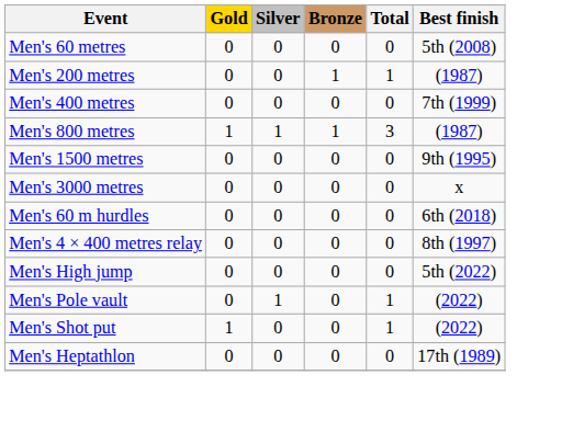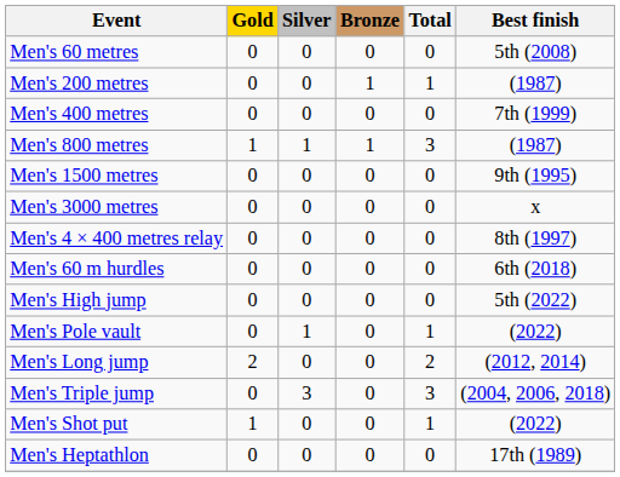 <table class="wikitable sortable" style="text-align:center">
 <tr>
 <th>Event</th>
 <th style="background-color:gold;">Gold</th>
 <th style="background-color:silver;">Silver</th>
 <th style="background-color:#c96;">Bronze</th>
 <th>Total</th>
 <th>Best finish</th>
 </tr>
 <tr>
 <td align=left><a href='#'>Men's 60 metres</a></td>
 <td>0</td>
 <td>0</td>
 <td>0</td>
 <td>0</td>
 <td>5th (<a href='#'>2008</a>)</td>
 </tr>
 <tr>
 <td align=left><a href='#'>Men's 200 metres</a></td>
 <td>0</td>
 <td>0</td>
 <td>1</td>
 <td>1</td>
 <td> (<a href='#'>1987</a>)</td>
 </tr>
 <tr>
 <td align=left><a href='#'>Men's 400 metres</a></td>
 <td>0</td>
 <td>0</td>
 <td>0</td>
 <td>0</td>
 <td>7th (<a href='#'>1999</a>)</td>
 </tr>
 <tr>
 <td align=left><a href='#'>Men's 800 metres</a></td>
 <td>1</td>
 <td>1</td>
 <td>1</td>
 <td>3</td>
 <td> (<a href='#'>1987</a>)</td>
 </tr>
 <tr>
 <td align=left><a href='#'>Men's 1500 metres</a></td>
 <td>0</td>
 <td>0</td>
 <td>0</td>
 <td>0</td>
 <td>9th (<a href='#'>1995</a>)</td>
 </tr>
 <tr>
 <td align=left><a href='#'>Men's 3000 metres</a></td>
 <td>0</td>
 <td>0</td>
 <td>0</td>
 <td>0</td>
 <td>x</td>
 </tr>
 <tr>
+<td align=left><a href='#'>Men's 4 × 400 metres relay</a></td>
+<td>0</td>
+<td>0</td>
+<td>0</td>
+<td>0</td>
+<td>8th (<a href='#'>1997</a>)</td>
+</tr>
+<tr>
 <td align=left><a href='#'>Men's 60 m hurdles</a></td>
 <td>0</td>
 <td>0</td>
 <td>0</td>
 <td>0</td>
 <td>6th (<a href='#'>2018</a>)</td>
-</tr>
-<tr>
-<td align=left><a href='#'>Men's 4 × 400 metres relay</a></td>
-<td>0</td>
-<td>0</td>
-<td>0</td>
-<td>0</td>
-<td>8th (<a href='#'>1997</a>)</td>
 </tr>
 <tr>
 <td align=left><a href='#'>Men's High jump</a></td>
 <td>0</td>
 <td>0</td>
 <td>0</td>
 <td>0</td>
 <td>5th (<a href='#'>2022</a>)</td>
 </tr>
 <tr>
 <td align=left><a href='#'>Men's Pole vault</a></td>
 <td>0</td>
 <td>1</td>
 <td>0</td>
 <td>1</td>
 <td> (<a href='#'>2022</a>)</td>
+</tr>
+<tr>
+<td align=left><a href='#'>Men's Long jump</a></td>
+<td>2</td>
+<td>0</td>
+<td>0</td>
+<td>2</td>
+<td> (<a href='#'>2012</a>, <a href='#'>2014</a>)</td>
+</tr>
+<tr>
+<td align=left><a href='#'>Men's Triple jump</a></td>
+<td>0</td>
+<td>3</td>
+<td>0</td>
+<td>3</td>
+<td> (<a href='#'>2004</a>, <a href='#'>2006</a>, <a href='#'>2018</a>)</td>
 </tr>
 <tr>
 <td align=left><a href='#'>Men's Shot put</a></td>
 <td>1</td>
 <td>0</td>
 <td>0</td>
 <td>1</td>
 <td> (<a href='#'>2022</a>)</td>
 </tr>
 <tr>
 <td align=left><a href='#'>Men's Heptathlon</a></td>
 <td>0</td>
 <td>0</td>
 <td>0</td>
 <td>0</td>
 <td>17th (<a href='#'>1989</a>)</td>
 </tr>
 <tr>
 </tr>
 </table>
